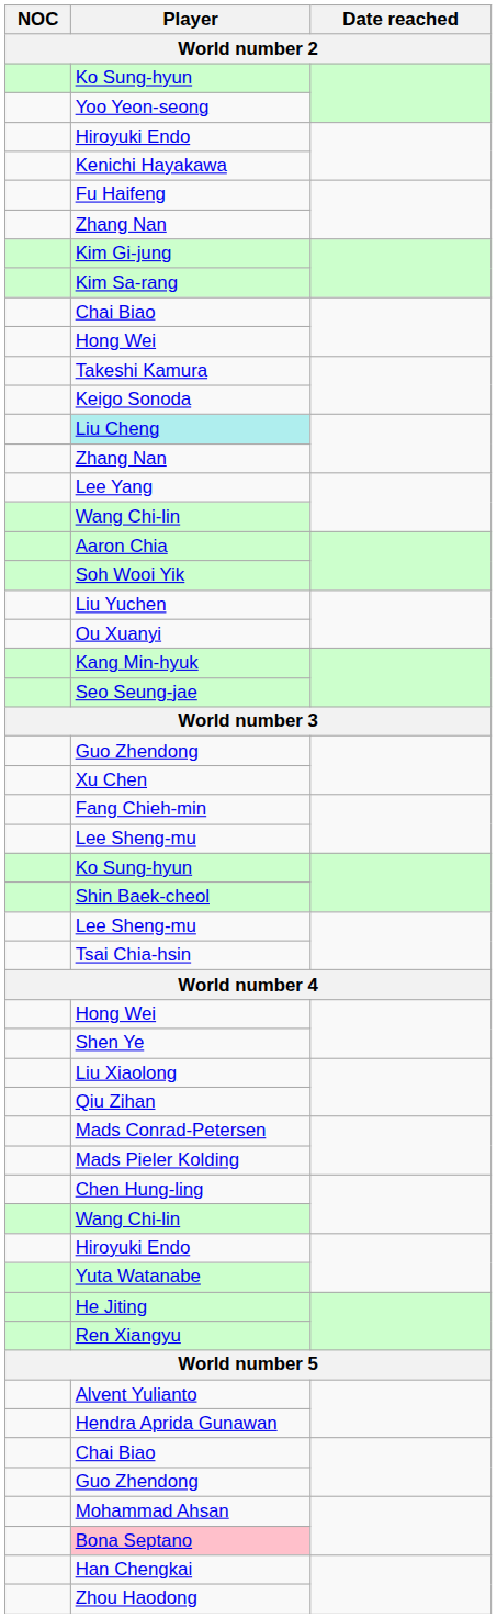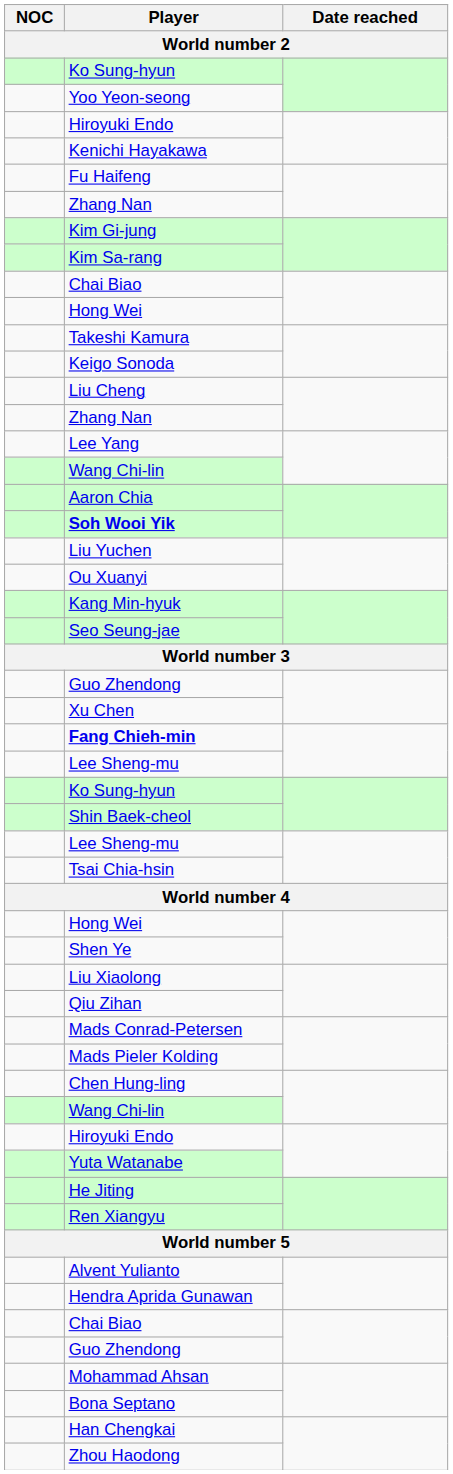 <table class="sortable wikitable">
 <tr>
 <th width="50">NOC</th>
 <th width="200">Player</th>
 <th width="150">Date reached</th>
 </tr>
 <tr>
 <th colspan="3">World number 2</th>
 </tr>
 <tr bgcolor="#ccffcc">
 <td align="center"></td>
 <td><a href='#'>Ko Sung-hyun</a></td>
 <td rowspan="2"></td>
 </tr>
 <tr>
 <td align="center"></td>
 <td><a href='#'>Yoo Yeon-seong</a></td>
 </tr>
 <tr>
 <td align="center"></td>
 <td><a href='#'>Hiroyuki Endo</a></td>
 <td rowspan="2"></td>
 </tr>
 <tr>
 <td align="center"></td>
 <td><a href='#'>Kenichi Hayakawa</a></td>
 </tr>
 <tr>
 <td align="center"></td>
 <td><a href='#'>Fu Haifeng</a></td>
 <td rowspan="2"></td>
 </tr>
 <tr>
 <td align="center"></td>
 <td><a href='#'>Zhang Nan</a></td>
 </tr>
 <tr bgcolor="#ccffcc">
 <td align="center"></td>
 <td><a href='#'>Kim Gi-jung</a></td>
 <td rowspan="2"></td>
 </tr>
 <tr bgcolor="#ccffcc">
 <td align="center"></td>
 <td><a href='#'>Kim Sa-rang</a></td>
 </tr>
 <tr>
 <td align="center"></td>
 <td><a href='#'>Chai Biao</a></td>
 <td rowspan="2"></td>
 </tr>
 <tr>
 <td align="center"></td>
 <td><a href='#'>Hong Wei</a></td>
 </tr>
 <tr>
 <td align="center"></td>
 <td><a href='#'>Takeshi Kamura</a></td>
 <td rowspan="2"></td>
 </tr>
 <tr>
 <td align="center"></td>
 <td><a href='#'>Keigo Sonoda</a></td>
 </tr>
 <tr>
 <td align="center"></td>
-<td style="background: paleturquoise;"><a href='#'>Liu Cheng</a></td>
+<td><a href='#'>Liu Cheng</a></td>
 <td rowspan="2"></td>
 </tr>
 <tr>
 <td align="center"></td>
 <td><a href='#'>Zhang Nan</a></td>
 </tr>
 <tr>
 <td align="center"></td>
 <td><a href='#'>Lee Yang</a></td>
 <td rowspan="2"></td>
 </tr>
 <tr bgcolor="#ccffcc">
 <td align="center"></td>
 <td><a href='#'>Wang Chi-lin</a></td>
 </tr>
 <tr bgcolor="#ccffcc">
 <td align="center"></td>
 <td><a href='#'>Aaron Chia</a></td>
 <td rowspan="2"></td>
 </tr>
 <tr bgcolor="#ccffcc">
 <td align="center"></td>
-<td><a href='#'>Soh Wooi Yik</a></td>
+<td><strong><a href='#'>Soh Wooi Yik</a></strong></td>
 </tr>
 <tr>
 <td align="center"></td>
 <td><a href='#'>Liu Yuchen</a></td>
 <td rowspan="2"></td>
 </tr>
 <tr>
 <td align="center"></td>
 <td><a href='#'>Ou Xuanyi</a></td>
 </tr>
 <tr bgcolor="#ccffcc">
 <td align="center"></td>
 <td><a href='#'>Kang Min-hyuk</a></td>
 <td rowspan="2"></td>
 </tr>
 <tr bgcolor="#ccffcc">
 <td align="center"></td>
 <td><a href='#'>Seo Seung-jae</a></td>
 </tr>
 <tr>
 <th colspan="3">World number 3</th>
 </tr>
 <tr>
 <td align="center"></td>
 <td><a href='#'>Guo Zhendong</a></td>
 <td rowspan="2"></td>
 </tr>
 <tr>
 <td align="center"></td>
 <td><a href='#'>Xu Chen</a></td>
 </tr>
 <tr>
 <td align="center"></td>
-<td><a href='#'>Fang Chieh-min</a></td>
+<td><strong><a href='#'>Fang Chieh-min</a></strong></td>
 <td rowspan="2"></td>
 </tr>
 <tr>
 <td align="center"></td>
 <td><a href='#'>Lee Sheng-mu</a></td>
 </tr>
 <tr bgcolor="#ccffcc">
 <td align="center"></td>
 <td><a href='#'>Ko Sung-hyun</a></td>
 <td rowspan="2"></td>
 </tr>
 <tr bgcolor="#ccffcc">
 <td align="center"></td>
 <td><a href='#'>Shin Baek-cheol</a></td>
 </tr>
 <tr>
 <td align="center"></td>
 <td><a href='#'>Lee Sheng-mu</a></td>
 <td rowspan="2"></td>
 </tr>
 <tr>
 <td align="center"></td>
 <td><a href='#'>Tsai Chia-hsin</a></td>
 </tr>
 <tr>
 <th colspan="3">World number 4</th>
 </tr>
 <tr>
 <td align="center"></td>
 <td><a href='#'>Hong Wei</a></td>
 <td rowspan="2"></td>
 </tr>
 <tr>
 <td align="center"></td>
 <td><a href='#'>Shen Ye</a></td>
 </tr>
 <tr>
 <td align="center"></td>
 <td><a href='#'>Liu Xiaolong</a></td>
 <td rowspan="2"></td>
 </tr>
 <tr>
 <td align="center"></td>
 <td><a href='#'>Qiu Zihan</a></td>
 </tr>
 <tr>
 <td align="center"></td>
 <td><a href='#'>Mads Conrad-Petersen</a></td>
 <td rowspan="2"></td>
 </tr>
 <tr>
 <td align="center"></td>
 <td><a href='#'>Mads Pieler Kolding</a></td>
 </tr>
 <tr>
 <td align="center"></td>
 <td><a href='#'>Chen Hung-ling</a></td>
 <td rowspan="2"></td>
 </tr>
 <tr bgcolor="#ccffcc">
 <td align="center"></td>
 <td><a href='#'>Wang Chi-lin</a></td>
 </tr>
 <tr>
 <td align="center"></td>
 <td><a href='#'>Hiroyuki Endo</a></td>
 <td rowspan="2"></td>
 </tr>
 <tr bgcolor="#ccffcc">
 <td align="center"></td>
 <td><a href='#'>Yuta Watanabe</a></td>
 </tr>
 <tr bgcolor="#ccffcc">
 <td align="center"></td>
 <td><a href='#'>He Jiting</a></td>
 <td rowspan="2"></td>
 </tr>
 <tr bgcolor="#ccffcc">
 <td align="center"></td>
 <td><a href='#'>Ren Xiangyu</a></td>
 </tr>
 <tr>
 <th colspan="3">World number 5</th>
 </tr>
 <tr>
 <td align="center"></td>
 <td><a href='#'>Alvent Yulianto</a></td>
 <td rowspan="2"></td>
 </tr>
 <tr>
 <td align="center"></td>
 <td><a href='#'>Hendra Aprida Gunawan</a></td>
 </tr>
 <tr>
 <td align="center"></td>
 <td><a href='#'>Chai Biao</a></td>
 <td rowspan="2"></td>
 </tr>
 <tr>
 <td align="center"></td>
 <td><a href='#'>Guo Zhendong</a></td>
 </tr>
 <tr>
 <td align="center"></td>
 <td><a href='#'>Mohammad Ahsan</a></td>
 <td rowspan="2"></td>
 </tr>
 <tr>
 <td align="center"></td>
-<td style="background: pink;"><a href='#'>Bona Septano</a></td>
+<td><a href='#'>Bona Septano</a></td>
 </tr>
 <tr>
 <td align="center"></td>
 <td><a href='#'>Han Chengkai</a></td>
 <td rowspan="2"></td>
 </tr>
 <tr>
 <td align="center"></td>
 <td><a href='#'>Zhou Haodong</a></td>
 </tr>
 </table>
